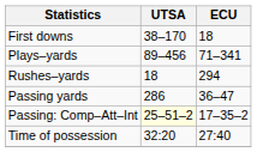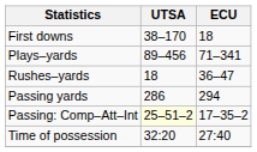 <table class="wikitable" style="float: left;">
 <tr>
 <th>Statistics</th>
 <th>UTSA</th>
 <th>ECU</th>
 </tr>
 <tr>
 <td>First downs</td>
 <td>38–170</td>
 <td>18</td>
 </tr>
 <tr>
 <td>Plays–yards</td>
 <td>89–456</td>
 <td>71–341</td>
 </tr>
 <tr>
 <td>Rushes–yards</td>
 <td>18</td>
-<td>294</td>
+<td>36–47</td>
 </tr>
 <tr>
 <td>Passing yards</td>
 <td>286</td>
-<td>36–47</td>
+<td>294</td>
 </tr>
 <tr>
 <td>Passing: Comp–Att–Int</td>
 <td style="background: lightyellow;">25–51–2</td>
 <td>17–35–2</td>
 </tr>
 <tr>
 <td>Time of possession</td>
 <td>32:20</td>
 <td>27:40</td>
 </tr>
 <tr>
 </tr>
 </table>
